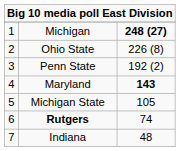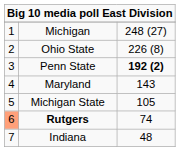 <table class="wikitable" style="display: inline-table;">
 <tr>
 <td align="center" Colspan="3"><strong>Big 10 media poll East Division</strong></td>
 </tr>
 <tr align="center">
 </tr>
 <tr align="center">
 <td>1</td>
 <td>Michigan</td>
-<td><strong>248 (27)</strong></td>
+<td>248 (27)</td>
 </tr>
 <tr align="center">
 <td>2</td>
 <td>Ohio State</td>
 <td>226 (8)</td>
 </tr>
 <tr align="center">
 <td>3</td>
 <td>Penn State</td>
-<td>192 (2)</td>
+<td><strong>192 (2)</strong></td>
 </tr>
 <tr align="center">
 <td>4</td>
 <td>Maryland</td>
-<td><strong>143</strong></td>
+<td>143</td>
 </tr>
 <tr align="center">
 <td>5</td>
 <td>Michigan State</td>
 <td>105</td>
 </tr>
 <tr align="center">
-<td>6</td>
+<td style="background: lightsalmon;">6</td>
 <td><strong>Rutgers</strong></td>
 <td>74</td>
 </tr>
 <tr align="center">
 <td>7</td>
 <td>Indiana</td>
 <td>48</td>
 </tr>
 </table>
